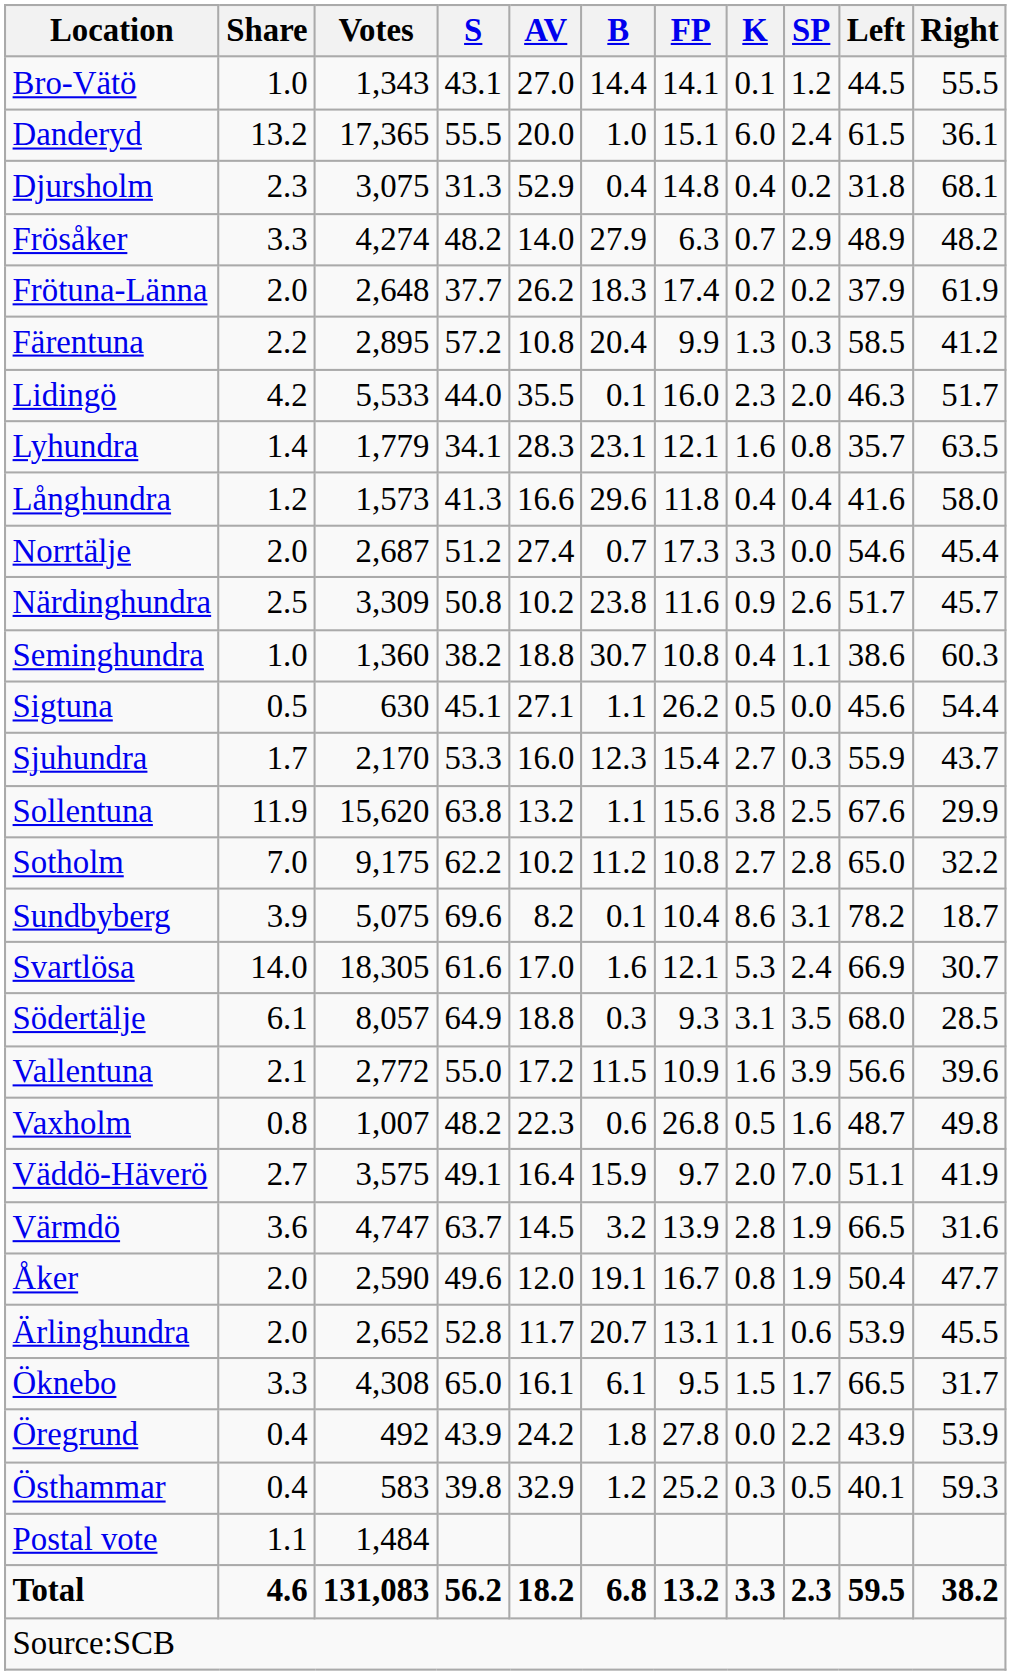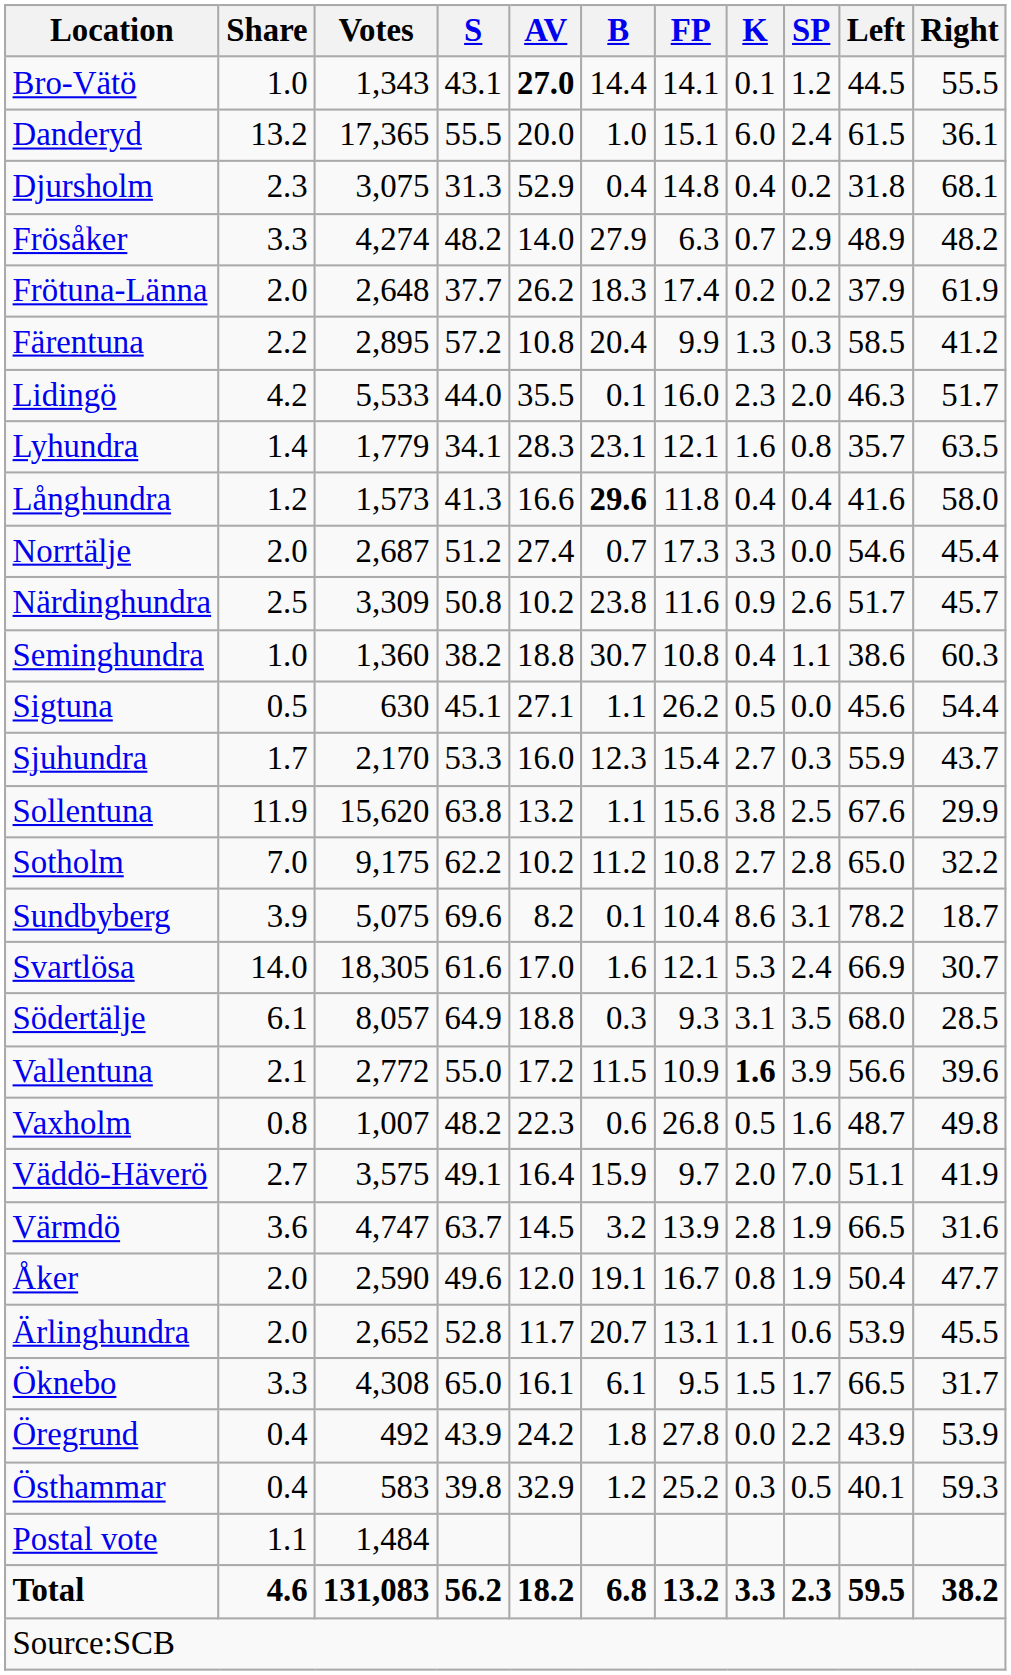 <table class="wikitable sortable" style=text-align:right>
 <tr>
 <th>Location</th>
 <th>Share</th>
 <th>Votes</th>
 <th><a href='#'>S</a></th>
 <th><a href='#'>AV</a></th>
 <th><a href='#'>B</a></th>
 <th><a href='#'>FP</a></th>
 <th><a href='#'>K</a></th>
 <th><a href='#'>SP</a></th>
 <th>Left</th>
 <th>Right</th>
 </tr>
 <tr>
 <td align=left><a href='#'>Bro-Vätö</a></td>
 <td>1.0</td>
 <td>1,343</td>
 <td>43.1</td>
-<td>27.0</td>
+<td><strong>27.0</strong></td>
 <td>14.4</td>
 <td>14.1</td>
 <td>0.1</td>
 <td>1.2</td>
 <td>44.5</td>
 <td>55.5</td>
 </tr>
 <tr>
 <td align=left><a href='#'>Danderyd</a></td>
 <td>13.2</td>
 <td>17,365</td>
 <td>55.5</td>
 <td>20.0</td>
 <td>1.0</td>
 <td>15.1</td>
 <td>6.0</td>
 <td>2.4</td>
 <td>61.5</td>
 <td>36.1</td>
 </tr>
 <tr>
 <td align=left><a href='#'>Djursholm</a></td>
 <td>2.3</td>
 <td>3,075</td>
 <td>31.3</td>
 <td>52.9</td>
 <td>0.4</td>
 <td>14.8</td>
 <td>0.4</td>
 <td>0.2</td>
 <td>31.8</td>
 <td>68.1</td>
 </tr>
 <tr>
 <td align=left><a href='#'>Frösåker</a></td>
 <td>3.3</td>
 <td>4,274</td>
 <td>48.2</td>
 <td>14.0</td>
 <td>27.9</td>
 <td>6.3</td>
 <td>0.7</td>
 <td>2.9</td>
 <td>48.9</td>
 <td>48.2</td>
 </tr>
 <tr>
 <td align=left><a href='#'>Frötuna-Länna</a></td>
 <td>2.0</td>
 <td>2,648</td>
 <td>37.7</td>
 <td>26.2</td>
 <td>18.3</td>
 <td>17.4</td>
 <td>0.2</td>
 <td>0.2</td>
 <td>37.9</td>
 <td>61.9</td>
 </tr>
 <tr>
 <td align=left><a href='#'>Färentuna</a></td>
 <td>2.2</td>
 <td>2,895</td>
 <td>57.2</td>
 <td>10.8</td>
 <td>20.4</td>
 <td>9.9</td>
 <td>1.3</td>
 <td>0.3</td>
 <td>58.5</td>
 <td>41.2</td>
 </tr>
 <tr>
 <td align=left><a href='#'>Lidingö</a></td>
 <td>4.2</td>
 <td>5,533</td>
 <td>44.0</td>
 <td>35.5</td>
 <td>0.1</td>
 <td>16.0</td>
 <td>2.3</td>
 <td>2.0</td>
 <td>46.3</td>
 <td>51.7</td>
 </tr>
 <tr>
 <td align=left><a href='#'>Lyhundra</a></td>
 <td>1.4</td>
 <td>1,779</td>
 <td>34.1</td>
 <td>28.3</td>
 <td>23.1</td>
 <td>12.1</td>
 <td>1.6</td>
 <td>0.8</td>
 <td>35.7</td>
 <td>63.5</td>
 </tr>
 <tr>
 <td align=left><a href='#'>Långhundra</a></td>
 <td>1.2</td>
 <td>1,573</td>
 <td>41.3</td>
 <td>16.6</td>
-<td>29.6</td>
+<td><strong>29.6</strong></td>
 <td>11.8</td>
 <td>0.4</td>
 <td>0.4</td>
 <td>41.6</td>
 <td>58.0</td>
 </tr>
 <tr>
 <td align=left><a href='#'>Norrtälje</a></td>
 <td>2.0</td>
 <td>2,687</td>
 <td>51.2</td>
 <td>27.4</td>
 <td>0.7</td>
 <td>17.3</td>
 <td>3.3</td>
 <td>0.0</td>
 <td>54.6</td>
 <td>45.4</td>
 </tr>
 <tr>
 <td align=left><a href='#'>Närdinghundra</a></td>
 <td>2.5</td>
 <td>3,309</td>
 <td>50.8</td>
 <td>10.2</td>
 <td>23.8</td>
 <td>11.6</td>
 <td>0.9</td>
 <td>2.6</td>
 <td>51.7</td>
 <td>45.7</td>
 </tr>
 <tr>
 <td align=left><a href='#'>Seminghundra</a></td>
 <td>1.0</td>
 <td>1,360</td>
 <td>38.2</td>
 <td>18.8</td>
 <td>30.7</td>
 <td>10.8</td>
 <td>0.4</td>
 <td>1.1</td>
 <td>38.6</td>
 <td>60.3</td>
 </tr>
 <tr>
 <td align=left><a href='#'>Sigtuna</a></td>
 <td>0.5</td>
 <td>630</td>
 <td>45.1</td>
 <td>27.1</td>
 <td>1.1</td>
 <td>26.2</td>
 <td>0.5</td>
 <td>0.0</td>
 <td>45.6</td>
 <td>54.4</td>
 </tr>
 <tr>
 <td align=left><a href='#'>Sjuhundra</a></td>
 <td>1.7</td>
 <td>2,170</td>
 <td>53.3</td>
 <td>16.0</td>
 <td>12.3</td>
 <td>15.4</td>
 <td>2.7</td>
 <td>0.3</td>
 <td>55.9</td>
 <td>43.7</td>
 </tr>
 <tr>
 <td align=left><a href='#'>Sollentuna</a></td>
 <td>11.9</td>
 <td>15,620</td>
 <td>63.8</td>
 <td>13.2</td>
 <td>1.1</td>
 <td>15.6</td>
 <td>3.8</td>
 <td>2.5</td>
 <td>67.6</td>
 <td>29.9</td>
 </tr>
 <tr>
 <td align=left><a href='#'>Sotholm</a></td>
 <td>7.0</td>
 <td>9,175</td>
 <td>62.2</td>
 <td>10.2</td>
 <td>11.2</td>
 <td>10.8</td>
 <td>2.7</td>
 <td>2.8</td>
 <td>65.0</td>
 <td>32.2</td>
 </tr>
 <tr>
 <td align=left><a href='#'>Sundbyberg</a></td>
 <td>3.9</td>
 <td>5,075</td>
 <td>69.6</td>
 <td>8.2</td>
 <td>0.1</td>
 <td>10.4</td>
 <td>8.6</td>
 <td>3.1</td>
 <td>78.2</td>
 <td>18.7</td>
 </tr>
 <tr>
 <td align=left><a href='#'>Svartlösa</a></td>
 <td>14.0</td>
 <td>18,305</td>
 <td>61.6</td>
 <td>17.0</td>
 <td>1.6</td>
 <td>12.1</td>
 <td>5.3</td>
 <td>2.4</td>
 <td>66.9</td>
 <td>30.7</td>
 </tr>
 <tr>
 <td align=left><a href='#'>Södertälje</a></td>
 <td>6.1</td>
 <td>8,057</td>
 <td>64.9</td>
 <td>18.8</td>
 <td>0.3</td>
 <td>9.3</td>
 <td>3.1</td>
 <td>3.5</td>
 <td>68.0</td>
 <td>28.5</td>
 </tr>
 <tr>
 <td align=left><a href='#'>Vallentuna</a></td>
 <td>2.1</td>
 <td>2,772</td>
 <td>55.0</td>
 <td>17.2</td>
 <td>11.5</td>
 <td>10.9</td>
-<td>1.6</td>
+<td><strong>1.6</strong></td>
 <td>3.9</td>
 <td>56.6</td>
 <td>39.6</td>
 </tr>
 <tr>
 <td align=left><a href='#'>Vaxholm</a></td>
 <td>0.8</td>
 <td>1,007</td>
 <td>48.2</td>
 <td>22.3</td>
 <td>0.6</td>
 <td>26.8</td>
 <td>0.5</td>
 <td>1.6</td>
 <td>48.7</td>
 <td>49.8</td>
 </tr>
 <tr>
 <td align=left><a href='#'>Väddö-Häverö</a></td>
 <td>2.7</td>
 <td>3,575</td>
 <td>49.1</td>
 <td>16.4</td>
 <td>15.9</td>
 <td>9.7</td>
 <td>2.0</td>
 <td>7.0</td>
 <td>51.1</td>
 <td>41.9</td>
 </tr>
 <tr>
 <td align=left><a href='#'>Värmdö</a></td>
 <td>3.6</td>
 <td>4,747</td>
 <td>63.7</td>
 <td>14.5</td>
 <td>3.2</td>
 <td>13.9</td>
 <td>2.8</td>
 <td>1.9</td>
 <td>66.5</td>
 <td>31.6</td>
 </tr>
 <tr>
 <td align=left><a href='#'>Åker</a></td>
 <td>2.0</td>
 <td>2,590</td>
 <td>49.6</td>
 <td>12.0</td>
 <td>19.1</td>
 <td>16.7</td>
 <td>0.8</td>
 <td>1.9</td>
 <td>50.4</td>
 <td>47.7</td>
 </tr>
 <tr>
 <td align=left><a href='#'>Ärlinghundra</a></td>
 <td>2.0</td>
 <td>2,652</td>
 <td>52.8</td>
 <td>11.7</td>
 <td>20.7</td>
 <td>13.1</td>
 <td>1.1</td>
 <td>0.6</td>
 <td>53.9</td>
 <td>45.5</td>
 </tr>
 <tr>
 <td align=left><a href='#'>Öknebo</a></td>
 <td>3.3</td>
 <td>4,308</td>
 <td>65.0</td>
 <td>16.1</td>
 <td>6.1</td>
 <td>9.5</td>
 <td>1.5</td>
 <td>1.7</td>
 <td>66.5</td>
 <td>31.7</td>
 </tr>
 <tr>
 <td align=left><a href='#'>Öregrund</a></td>
 <td>0.4</td>
 <td>492</td>
 <td>43.9</td>
 <td>24.2</td>
 <td>1.8</td>
 <td>27.8</td>
 <td>0.0</td>
 <td>2.2</td>
 <td>43.9</td>
 <td>53.9</td>
 </tr>
 <tr>
 <td align=left><a href='#'>Östhammar</a></td>
 <td>0.4</td>
 <td>583</td>
 <td>39.8</td>
 <td>32.9</td>
 <td>1.2</td>
 <td>25.2</td>
 <td>0.3</td>
 <td>0.5</td>
 <td>40.1</td>
 <td>59.3</td>
 </tr>
 <tr>
 <td align=left><a href='#'>Postal vote</a></td>
 <td>1.1</td>
 <td>1,484</td>
 <td></td>
 <td></td>
 <td></td>
 <td></td>
 <td></td>
 <td></td>
 <td></td>
 <td></td>
 </tr>
 <tr>
 <td align=left><strong>Total</strong></td>
 <td><strong>4.6</strong></td>
 <td><strong>131,083</strong></td>
 <td><strong>56.2</strong></td>
 <td><strong>18.2</strong></td>
 <td><strong>6.8</strong></td>
 <td><strong>13.2</strong></td>
 <td><strong>3.3</strong></td>
 <td><strong>2.3</strong></td>
 <td><strong>59.5</strong></td>
 <td><strong>38.2</strong></td>
 </tr>
 <tr>
 <td align=left colspan=11>Source:SCB </td>
 </tr>
 </table>
